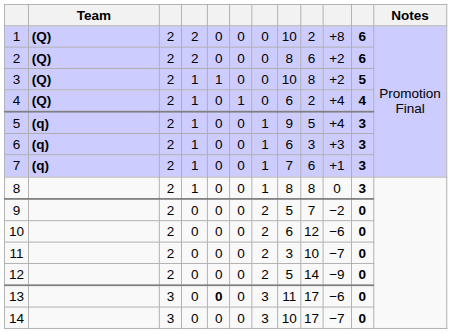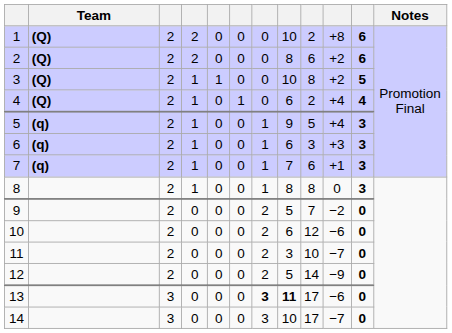 <table class="wikitable" style="text-align: center; font-size: 95%;">
 <tr>
 <th width="20"></th>
 <th width="140">Team</th>
 <th width="18"></th>
 <th width="22"></th>
 <th width="18"></th>
 <th width="18"></th>
 <th width="22"></th>
 <th width="18"></th>
 <th width="18"></th>
 <th width="25"></th>
 <th width="18"></th>
 <th width="75">Notes</th>
 </tr>
 <tr style="background-color: #ccccff">
 <td>1</td>
 <td align=left> <strong>(Q)</strong> </td>
 <td>2</td>
 <td>2</td>
 <td>0</td>
 <td>0</td>
 <td>0</td>
 <td>10</td>
 <td>2</td>
 <td>+8</td>
 <td><strong>6</strong></td>
 <td rowspan="7">Promotion Final</td>
 </tr>
 <tr style="background-color: #ccccff">
 <td>2</td>
 <td align=left> <strong>(Q)</strong> </td>
 <td>2</td>
 <td>2</td>
 <td>0</td>
 <td>0</td>
 <td>0</td>
 <td>8</td>
 <td>6</td>
 <td>+2</td>
 <td><strong>6</strong></td>
 </tr>
 <tr style="background-color: #ccccff">
 <td>3</td>
 <td align=left> <strong>(Q)</strong> </td>
 <td>2</td>
 <td>1</td>
 <td>1</td>
 <td>0</td>
 <td>0</td>
 <td>10</td>
 <td>8</td>
 <td>+2</td>
 <td><strong>5</strong></td>
 </tr>
 <tr style="background-color: #ccccff; border-bottom: 2px solid grey">
 <td>4</td>
 <td align=left> <strong>(Q)</strong> </td>
 <td>2</td>
 <td>1</td>
 <td>0</td>
 <td>1</td>
 <td>0</td>
 <td>6</td>
 <td>2</td>
 <td>+4</td>
 <td><strong>4</strong></td>
 </tr>
 <tr style="background-color: #ccccff">
 <td>5</td>
 <td align=left> <strong>(q)</strong> </td>
 <td>2</td>
 <td>1</td>
 <td>0</td>
 <td>0</td>
 <td>1</td>
 <td>9</td>
 <td>5</td>
 <td>+4</td>
 <td><strong>3</strong></td>
 </tr>
 <tr style="background-color: #ccccff">
 <td>6</td>
 <td align=left> <strong>(q)</strong> </td>
 <td>2</td>
 <td>1</td>
 <td>0</td>
 <td>0</td>
 <td>1</td>
 <td>6</td>
 <td>3</td>
 <td>+3</td>
 <td><strong>3</strong></td>
 </tr>
 <tr style="background-color: #ccccff">
 <td>7</td>
 <td align=left> <strong>(q)</strong> </td>
 <td>2</td>
 <td>1</td>
 <td>0</td>
 <td>0</td>
 <td>1</td>
 <td>7</td>
 <td>6</td>
 <td>+1</td>
 <td><strong>3</strong></td>
 </tr>
 <tr>
 <td>8</td>
 <td align=left> </td>
 <td>2</td>
 <td>1</td>
 <td>0</td>
 <td>0</td>
 <td>1</td>
 <td>8</td>
 <td>8</td>
 <td>0</td>
 <td><strong>3</strong></td>
 <td rowspan="7"></td>
 </tr>
 <tr style="border-top: 2px solid grey">
 <td>9</td>
 <td align=left> </td>
 <td>2</td>
 <td>0</td>
 <td>0</td>
 <td>0</td>
 <td>2</td>
 <td>5</td>
 <td>7</td>
 <td>−2</td>
 <td><strong>0</strong></td>
 </tr>
 <tr>
 <td>10</td>
 <td align=left> </td>
 <td>2</td>
 <td>0</td>
 <td>0</td>
 <td>0</td>
 <td>2</td>
 <td>6</td>
 <td>12</td>
 <td>−6</td>
 <td><strong>0</strong></td>
 </tr>
 <tr>
 <td>11</td>
 <td align=left> </td>
 <td>2</td>
 <td>0</td>
 <td>0</td>
 <td>0</td>
 <td>2</td>
 <td>3</td>
 <td>10</td>
 <td>−7</td>
 <td><strong>0</strong></td>
 </tr>
 <tr style="border-bottom: 2px solid grey">
 <td>12</td>
 <td align=left> </td>
 <td>2</td>
 <td>0</td>
 <td>0</td>
 <td>0</td>
 <td>2</td>
 <td>5</td>
 <td>14</td>
 <td>−9</td>
 <td><strong>0</strong></td>
 </tr>
 <tr>
 <td>13</td>
 <td align=left> </td>
 <td>3</td>
 <td>0</td>
-<td><strong>0</strong></td>
 <td>0</td>
-<td>3</td>
-<td>11</td>
+<td>0</td>
+<td><strong>3</strong></td>
+<td><strong>11</strong></td>
 <td>17</td>
 <td>−6</td>
 <td><strong>0</strong></td>
 </tr>
 <tr>
 <td>14</td>
 <td align=left> </td>
 <td>3</td>
 <td>0</td>
 <td>0</td>
 <td>0</td>
 <td>3</td>
 <td>10</td>
 <td>17</td>
 <td>−7</td>
 <td><strong>0</strong></td>
 </tr>
 </table>
